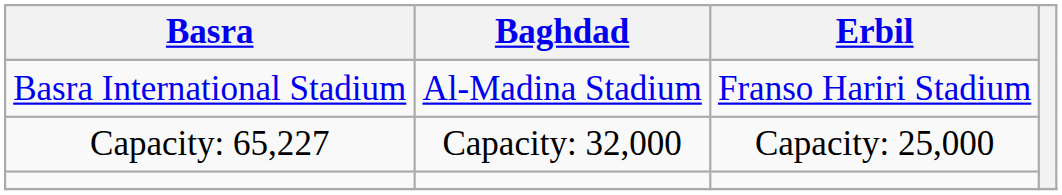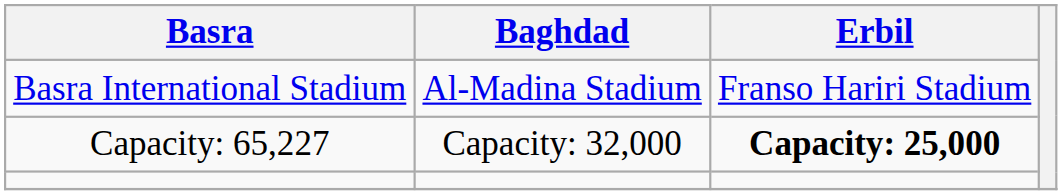 <table class="wikitable" style="text-align:center">
 <tr>
 <th><a href='#'>Basra</a></th>
 <th><a href='#'>Baghdad</a></th>
 <th><a href='#'>Erbil</a></th>
 <th rowspan="4"></th>
 </tr>
 <tr>
 <td><a href='#'>Basra International Stadium</a></td>
 <td><a href='#'>Al-Madina Stadium</a></td>
 <td><a href='#'>Franso Hariri Stadium</a></td>
 </tr>
 <tr>
 <td>Capacity: 65,227</td>
 <td>Capacity: 32,000</td>
-<td>Capacity: 25,000</td>
+<td><strong>Capacity: 25,000</strong></td>
 </tr>
 <tr>
 <td></td>
 <td></td>
 <td></td>
 </tr>
 <tr>
 </tr>
 </table>
